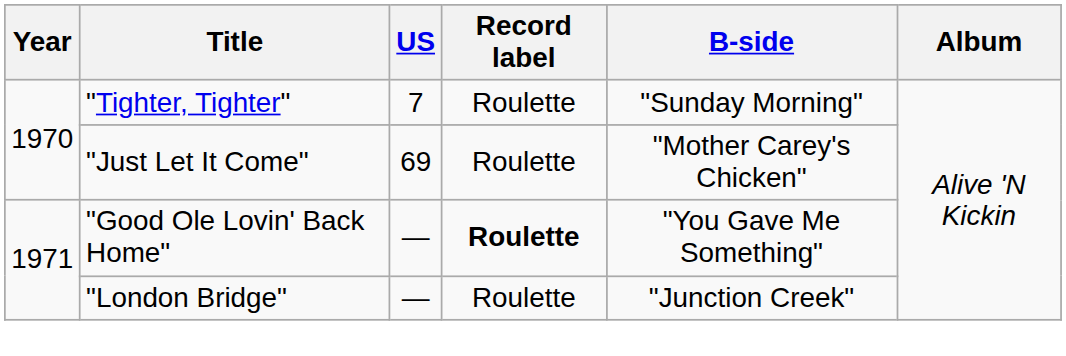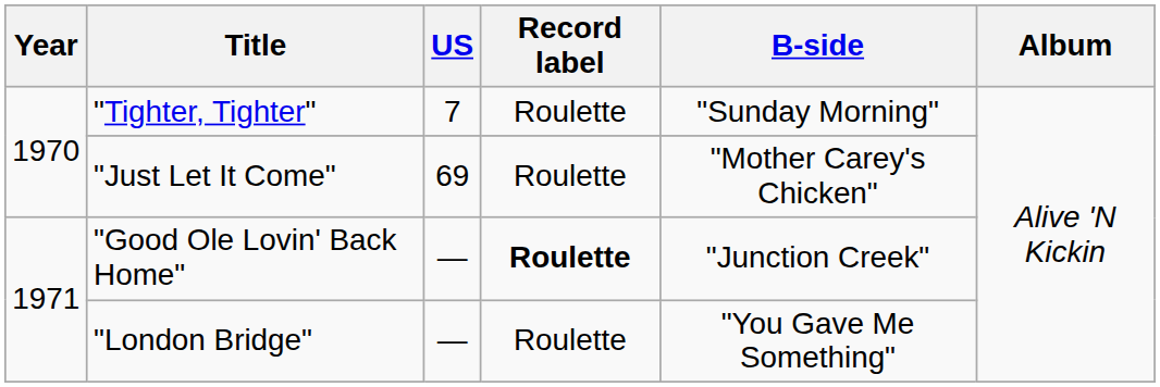 <table class="wikitable" style=text-align:center;>
 <tr>
 <th>Year</th>
 <th>Title</th>
 <th><a href='#'>US</a></th>
 <th>Record label</th>
 <th><a href='#'>B-side</a></th>
 <th>Album</th>
 </tr>
 <tr>
 <td rowspan="2">1970</td>
 <td align=left>"<a href='#'>Tighter, Tighter</a>"</td>
 <td>7</td>
 <td>Roulette</td>
 <td>"Sunday Morning"</td>
 <td rowspan="4"><em>Alive 'N Kickin</em></td>
 </tr>
 <tr>
 <td align=left>"Just Let It Come"</td>
 <td>69</td>
 <td>Roulette</td>
 <td>"Mother Carey's Chicken"</td>
 </tr>
 <tr>
 <td rowspan="2">1971</td>
 <td align=left>"Good Ole Lovin' Back Home"</td>
 <td>—</td>
 <td><strong>Roulette</strong></td>
-<td>"You Gave Me Something"</td>
+<td>"Junction Creek"</td>
 </tr>
 <tr>
 <td align=left>"London Bridge"</td>
 <td>—</td>
 <td>Roulette</td>
-<td>"Junction Creek"</td>
+<td>"You Gave Me Something"</td>
 </tr>
 </table>
